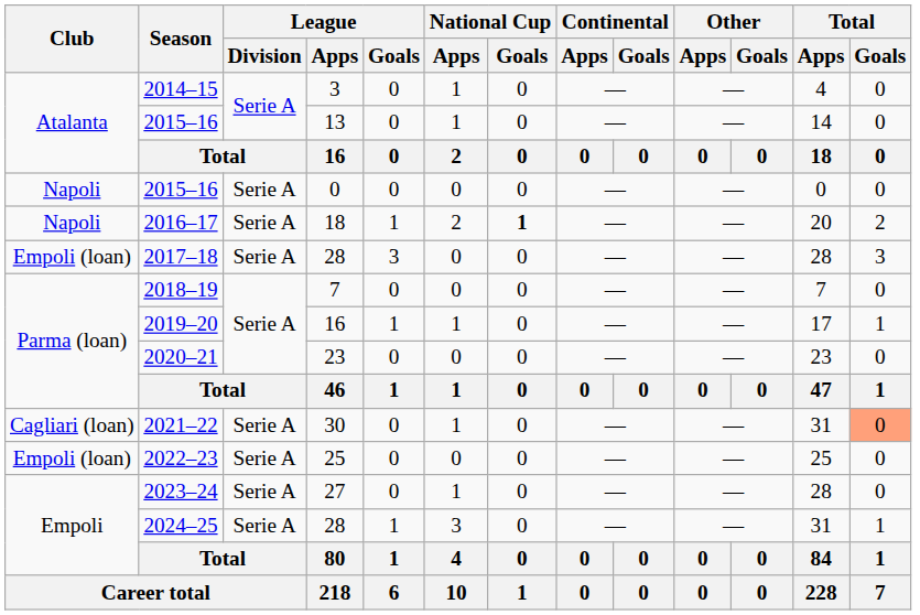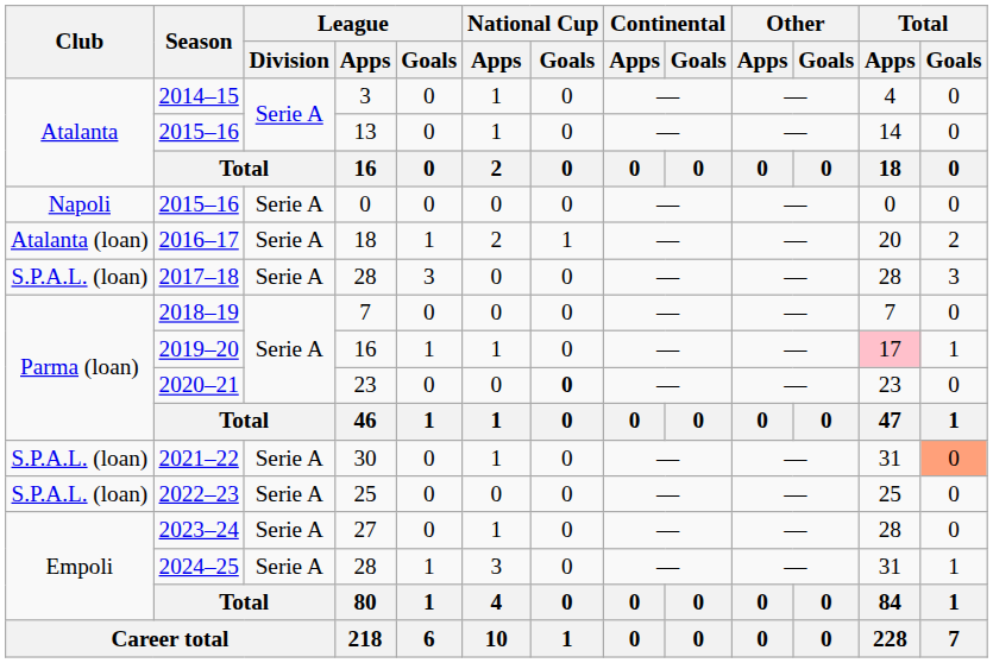 <table class="wikitable" style="text-align: center">
 <tr>
 <th rowspan="2">Club</th>
 <th rowspan="2">Season</th>
 <th colspan="3">League</th>
 <th colspan="2">National Cup</th>
 <th colspan="2">Continental</th>
 <th colspan="2">Other</th>
 <th colspan="2">Total</th>
 </tr>
 <tr>
 <th>Division</th>
 <th>Apps</th>
 <th>Goals</th>
 <th>Apps</th>
 <th>Goals</th>
 <th>Apps</th>
 <th>Goals</th>
 <th>Apps</th>
 <th>Goals</th>
 <th>Apps</th>
 <th>Goals</th>
 </tr>
 <tr>
 <td rowspan="3"><a href='#'>Atalanta</a></td>
 <td><a href='#'>2014–15</a></td>
 <td rowspan="2"><a href='#'>Serie A</a></td>
 <td>3</td>
 <td>0</td>
 <td>1</td>
 <td>0</td>
 <td colspan="2“">—</td>
 <td colspan="2“">—</td>
 <td>4</td>
 <td>0</td>
 </tr>
 <tr>
 <td><a href='#'>2015–16</a></td>
 <td>13</td>
 <td>0</td>
 <td>1</td>
 <td>0</td>
 <td colspan="2“">—</td>
 <td colspan="2“">—</td>
 <td>14</td>
 <td>0</td>
 </tr>
 <tr>
 <th colspan="2">Total</th>
 <th>16</th>
 <th>0</th>
 <th>2</th>
 <th>0</th>
 <th>0</th>
 <th>0</th>
 <th>0</th>
 <th>0</th>
 <th>18</th>
 <th>0</th>
 </tr>
 <tr>
 <td><a href='#'>Napoli</a></td>
 <td><a href='#'>2015–16</a></td>
 <td>Serie A</td>
 <td>0</td>
 <td>0</td>
 <td>0</td>
 <td>0</td>
 <td colspan="2“">—</td>
 <td colspan="2“">—</td>
 <td>0</td>
 <td>0</td>
 </tr>
 <tr>
-<td><a href='#'>Napoli</a></td>
+<td><a href='#'>Atalanta</a> (loan)</td>
 <td><a href='#'>2016–17</a></td>
 <td>Serie A</td>
 <td>18</td>
 <td>1</td>
 <td>2</td>
-<td><strong>1</strong></td>
+<td>1</td>
 <td colspan="2“">—</td>
 <td colspan="2“">—</td>
 <td>20</td>
 <td>2</td>
 </tr>
 <tr>
-<td><a href='#'>Empoli</a> (loan)</td>
+<td><a href='#'>S.P.A.L.</a> (loan)</td>
 <td><a href='#'>2017–18</a></td>
 <td>Serie A</td>
 <td>28</td>
 <td>3</td>
 <td>0</td>
 <td>0</td>
 <td colspan="2“">—</td>
 <td colspan="2“">—</td>
 <td>28</td>
 <td>3</td>
 </tr>
 <tr>
 <td rowspan="4"><a href='#'>Parma</a> (loan)</td>
 <td><a href='#'>2018–19</a></td>
 <td rowspan="3">Serie A</td>
 <td>7</td>
 <td>0</td>
 <td>0</td>
 <td>0</td>
 <td colspan="2“">—</td>
 <td colspan="2“">—</td>
 <td>7</td>
 <td>0</td>
 </tr>
 <tr>
 <td><a href='#'>2019–20</a></td>
 <td>16</td>
 <td>1</td>
 <td>1</td>
 <td>0</td>
 <td colspan="2“">—</td>
 <td colspan="2“">—</td>
-<td>17</td>
+<td style="background: pink;">17</td>
 <td>1</td>
 </tr>
 <tr>
 <td><a href='#'>2020–21</a></td>
 <td>23</td>
 <td>0</td>
 <td>0</td>
-<td>0</td>
+<td><strong>0</strong></td>
 <td colspan="2“">—</td>
 <td colspan="2“">—</td>
 <td>23</td>
 <td>0</td>
 </tr>
 <tr>
 <th colspan="2">Total</th>
 <th>46</th>
 <th>1</th>
 <th>1</th>
 <th>0</th>
 <th>0</th>
 <th>0</th>
 <th>0</th>
 <th>0</th>
 <th>47</th>
 <th>1</th>
 </tr>
 <tr>
-<td><a href='#'>Cagliari</a> (loan)</td>
+<td><a href='#'>S.P.A.L.</a> (loan)</td>
 <td><a href='#'>2021–22</a></td>
 <td>Serie A</td>
 <td>30</td>
 <td>0</td>
 <td>1</td>
 <td>0</td>
 <td colspan="2“">—</td>
 <td colspan="2">—</td>
 <td>31</td>
 <td style="background: lightsalmon;">0</td>
 </tr>
 <tr>
-<td><a href='#'>Empoli</a> (loan)</td>
+<td><a href='#'>S.P.A.L.</a> (loan)</td>
 <td><a href='#'>2022–23</a></td>
 <td>Serie A</td>
 <td>25</td>
 <td>0</td>
 <td>0</td>
 <td>0</td>
 <td colspan="2“">—</td>
 <td colspan="2">—</td>
 <td>25</td>
 <td>0</td>
 </tr>
 <tr>
 <td rowspan="3">Empoli</td>
 <td><a href='#'>2023–24</a></td>
 <td>Serie A</td>
 <td>27</td>
 <td>0</td>
 <td>1</td>
 <td>0</td>
 <td colspan="2“">—</td>
 <td colspan="2">—</td>
 <td>28</td>
 <td>0</td>
 </tr>
 <tr>
 <td><a href='#'>2024–25</a></td>
 <td>Serie A</td>
 <td>28</td>
 <td>1</td>
 <td>3</td>
 <td>0</td>
 <td colspan="2“">—</td>
 <td colspan="2">—</td>
 <td>31</td>
 <td>1</td>
 </tr>
 <tr>
 <th colspan="2">Total</th>
 <th>80</th>
 <th>1</th>
 <th>4</th>
 <th>0</th>
 <th>0</th>
 <th>0</th>
 <th>0</th>
 <th>0</th>
 <th>84</th>
 <th>1</th>
 </tr>
 <tr>
 <th colspan="3">Career total</th>
 <th>218</th>
 <th>6</th>
 <th>10</th>
 <th>1</th>
 <th>0</th>
 <th>0</th>
 <th>0</th>
 <th>0</th>
 <th>228</th>
 <th>7</th>
 </tr>
 </table>
